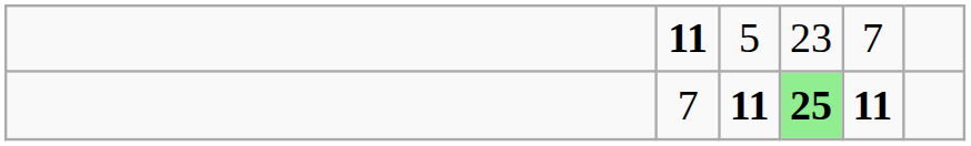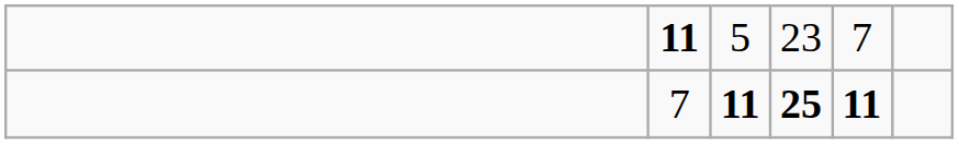 <table class="wikitable">
 <tr>
 <td style="width:15em"></td>
 <td align=center style="width:1em"><strong>11</strong></td>
 <td align=center style="width:1em">5</td>
 <td align=center style="width:1em">23</td>
 <td align=center style="width:1em">7</td>
 <td align=center style="width:1em"></td>
 </tr>
 <tr>
 <td style="width:15em"></td>
 <td align=center style="width:1em">7</td>
 <td align=center style="width:1em"><strong>11</strong></td>
-<td align=center style="background: lightgreen; width:1em"><strong>25</strong></td>
+<td align=center style="width:1em"><strong>25</strong></td>
 <td align=center style="width:1em"><strong>11</strong></td>
 <td align=center style="width:1em"></td>
 </tr>
 </table>
